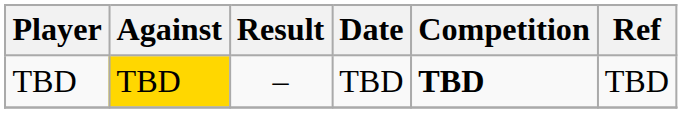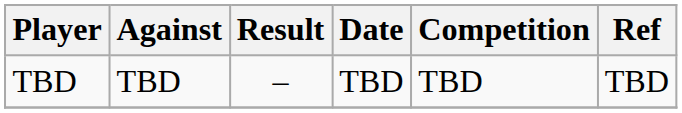 <table class="wikitable">
 <tr>
 <th>Player</th>
 <th>Against</th>
 <th>Result</th>
 <th>Date</th>
 <th>Competition</th>
 <th>Ref</th>
 </tr>
 <tr>
 <td>TBD</td>
-<td style="background: gold;">TBD</td>
+<td>TBD</td>
 <td align="center">–</td>
 <td>TBD</td>
-<td><strong>TBD</strong></td>
+<td>TBD</td>
 <td>TBD</td>
 </tr>
 <tr>
 </tr>
 </table>
